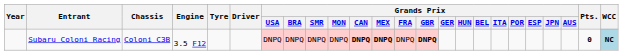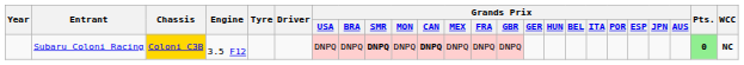 <table class="wikitable" style="text-align:center; font-size:95%">
 <tr>
 <th rowspan="2">Year</th>
 <th rowspan="2">Entrant</th>
 <th rowspan="2">Chassis</th>
 <th rowspan="2">Engine</th>
 <th rowspan="2">Tyre</th>
 <th rowspan="2">Driver</th>
 <th colspan="16">Grands Prix</th>
 <th rowspan="2">Pts.</th>
 <th rowspan="2">WCC</th>
 </tr>
 <tr>
 <th><a href='#'>USA</a></th>
 <th><a href='#'>BRA</a></th>
 <th><a href='#'>SMR</a></th>
 <th><a href='#'>MON</a></th>
 <th><a href='#'>CAN</a></th>
 <th><a href='#'>MEX</a></th>
 <th><a href='#'>FRA</a></th>
 <th><a href='#'>GBR</a></th>
 <th><a href='#'>GER</a></th>
 <th><a href='#'>HUN</a></th>
 <th><a href='#'>BEL</a></th>
 <th><a href='#'>ITA</a></th>
 <th><a href='#'>POR</a></th>
 <th><a href='#'>ESP</a></th>
 <th><a href='#'>JPN</a></th>
 <th><a href='#'>AUS</a></th>
 </tr>
 <tr>
 <td></td>
 <td><a href='#'>Subaru Coloni Racing</a></td>
-<td><a href='#'>Coloni C3B</a></td>
+<td style="background: gold;"><a href='#'>Coloni C3B</a></td>
 <td><br>3.5 <a href='#'>F12</a></td>
 <td></td>
 <td align="left"></td>
 <td style="background:#FFCFCF;">DNPQ</td>
 <td style="background:#FFCFCF;">DNPQ</td>
-<td style="background:#FFCFCF;">DNPQ</td>
-<td style="background:#FFCFCF;">DNPQ</td>
-<td style="background:#FFCFCF;"><strong>DNPQ</strong></td>
 <td style="background:#FFCFCF;"><strong>DNPQ</strong></td>
 <td style="background:#FFCFCF;">DNPQ</td>
 <td style="background:#FFCFCF;"><strong>DNPQ</strong></td>
+<td style="background:#FFCFCF;">DNPQ</td>
+<td style="background:#FFCFCF;">DNPQ</td>
+<td style="background:#FFCFCF;">DNPQ</td>
 <td></td>
 <td></td>
 <td></td>
 <td></td>
 <td></td>
 <td></td>
 <td></td>
 <td></td>
-<td><strong>0</strong></td>
-<td style="background: lightblue;"><strong>NC</strong></td>
+<td style="background: lightgreen;"><strong>0</strong></td>
+<td><strong>NC</strong></td>
 </tr>
 </table>
